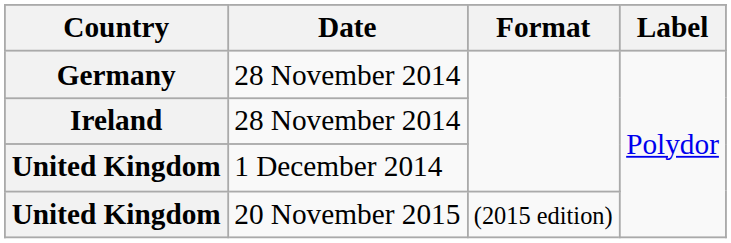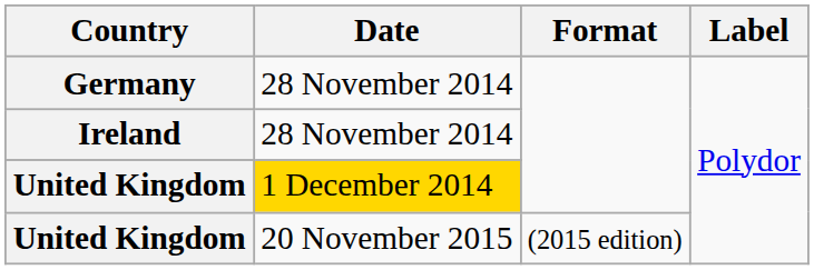 <table class="wikitable plainrowheaders">
 <tr>
 <th>Country</th>
 <th>Date</th>
 <th>Format</th>
 <th>Label</th>
 </tr>
 <tr>
 <th scope="row">Germany</th>
 <td>28 November 2014</td>
 <td rowspan="3"></td>
 <td rowspan="4"><a href='#'>Polydor</a></td>
 </tr>
 <tr>
 <th scope="row">Ireland</th>
 <td>28 November 2014</td>
 </tr>
 <tr>
 <th scope="row">United Kingdom</th>
-<td>1 December 2014</td>
+<td style="background: gold;">1 December 2014</td>
 </tr>
 <tr>
 <th scope="row">United Kingdom</th>
 <td>20 November 2015</td>
 <td rowspan="3"> <small>(2015 edition)</small></td>
 </tr>
 </table>
